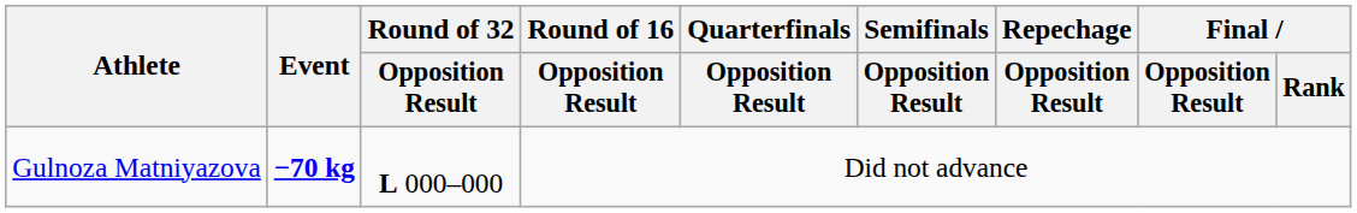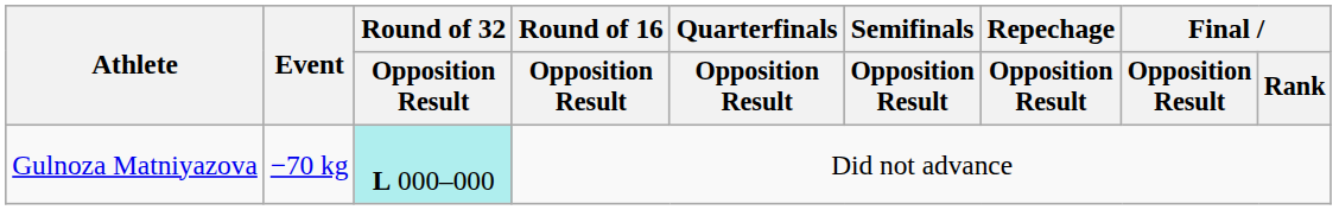 <table class="wikitable" style="font-size:90%">
 <tr>
 <th rowspan="2">Athlete</th>
 <th rowspan="2">Event</th>
 <th>Round of 32</th>
 <th>Round of 16</th>
 <th>Quarterfinals</th>
 <th>Semifinals</th>
 <th>Repechage</th>
 <th colspan=2>Final / </th>
 </tr>
 <tr style="font-size:95%">
 <th>Opposition<br>Result</th>
 <th>Opposition<br>Result</th>
 <th>Opposition<br>Result</th>
 <th>Opposition<br>Result</th>
 <th>Opposition<br>Result</th>
 <th>Opposition<br>Result</th>
 <th>Rank</th>
 </tr>
 <tr align=center>
 <td align=left><a href='#'>Gulnoza Matniyazova</a></td>
-<td align=left><strong><a href='#'>−70 kg</a></strong></td>
-<td><br><strong>L</strong> 000–000 </td>
+<td align=left><a href='#'>−70 kg</a></td>
+<td style="background: paleturquoise;"><br><strong>L</strong> 000–000 </td>
 <td colspan=6>Did not advance</td>
 </tr>
 </table>
